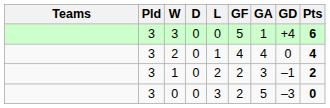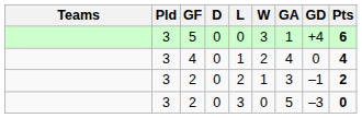 <table class="wikitable" style="text-align: center;">
 <tr>
 <th width=165>Teams</th>
 <th width=20>Pld</th>
-<th width=20>W</th>
+<th width=20>GF</th>
 <th width=20>D</th>
 <th width=20>L</th>
-<th width=20>GF</th>
+<th width=20>W</th>
 <th width=20>GA</th>
 <th width=20>GD</th>
 <th width=20>Pts</th>
 </tr>
 <tr align=center style="background:#ccffcc;">
 <td style="text-align:left;"></td>
 <td>3</td>
-<td>3</td>
+<td>5</td>
 <td>0</td>
 <td>0</td>
-<td>5</td>
+<td>3</td>
 <td>1</td>
 <td>+4</td>
 <td><strong>6</strong></td>
 </tr>
 <tr align=center>
 <td style="text-align:left;"></td>
 <td>3</td>
-<td>2</td>
+<td>4</td>
 <td>0</td>
 <td>1</td>
-<td>4</td>
+<td>2</td>
 <td>4</td>
 <td>0</td>
 <td><strong>4</strong></td>
 </tr>
 <tr align=center>
 <td style="text-align:left;"></td>
 <td>3</td>
-<td>1</td>
+<td>2</td>
 <td>0</td>
 <td>2</td>
-<td>2</td>
+<td>1</td>
 <td>3</td>
 <td>–1</td>
 <td><strong>2</strong></td>
 </tr>
 <tr align=center>
 <td style="text-align:left;"></td>
 <td>3</td>
-<td>0</td>
+<td>2</td>
 <td>0</td>
 <td>3</td>
-<td>2</td>
+<td>0</td>
 <td>5</td>
 <td>–3</td>
 <td><strong>0</strong></td>
 </tr>
 </table>
